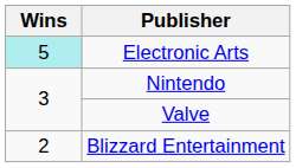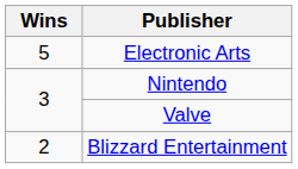 <table class="wikitable" style="text-align:center;">
 <tr>
 <th scope="col" width="55">Wins</th>
 <th scope="col" align="center">Publisher</th>
 </tr>
 <tr>
-<td align="center" style="background: paleturquoise;">5</td>
+<td align="center">5</td>
 <td><a href='#'>Electronic Arts</a></td>
 </tr>
 <tr>
 <td align="center" rowspan=2>3</td>
 <td><a href='#'>Nintendo</a></td>
 </tr>
 <tr>
 <td><a href='#'>Valve</a></td>
 </tr>
 <tr>
 <td align="center" rowspan=2>2</td>
 <td><a href='#'>Blizzard Entertainment</a></td>
 </tr>
 </table>
